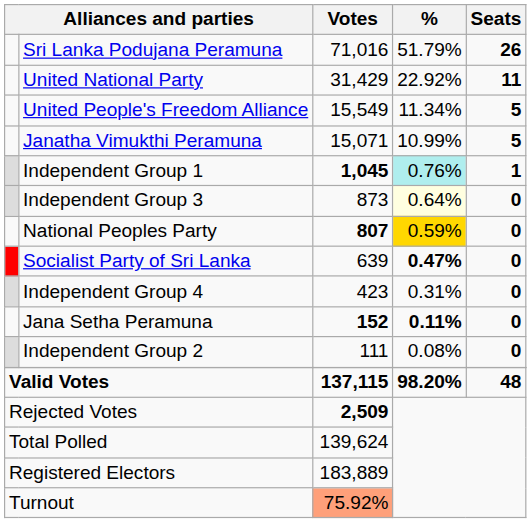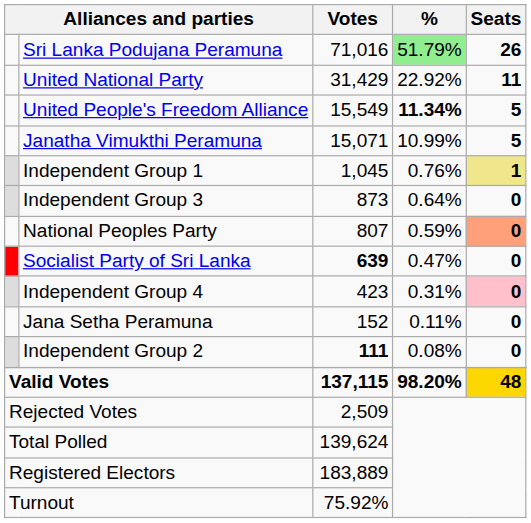 <table class="wikitable" border="1" style="text-align:right;">
 <tr>
 <th valign=bottom align=left colspan=2>Alliances and parties</th>
 <th valign=bottom align=center width="60">Votes</th>
 <th valign=bottom align=center width="50">%</th>
 <th valign=bottom align=center>Seats</th>
 </tr>
 <tr>
 <td bgcolor=> </td>
 <td align=left><a href='#'>Sri Lanka Podujana Peramuna</a></td>
 <td>71,016</td>
-<td>51.79%</td>
+<td style="background: lightgreen;">51.79%</td>
 <td><strong>26</strong></td>
 </tr>
 <tr>
 <td bgcolor=> </td>
 <td align=left><a href='#'>United National Party</a></td>
 <td>31,429</td>
 <td>22.92%</td>
 <td><strong>11</strong></td>
 </tr>
 <tr>
 <td bgcolor=> </td>
 <td align=left><a href='#'>United People's Freedom Alliance</a></td>
 <td>15,549</td>
-<td>11.34%</td>
+<td><strong>11.34%</strong></td>
 <td><strong>5</strong></td>
 </tr>
 <tr>
 <td bgcolor=> </td>
 <td align=left><a href='#'>Janatha Vimukthi Peramuna</a></td>
 <td>15,071</td>
 <td>10.99%</td>
 <td><strong>5</strong></td>
 </tr>
 <tr>
 <td bgcolor=#DDDDDD> </td>
 <td align=left>Independent Group 1</td>
-<td><strong>1,045</strong></td>
-<td style="background: paleturquoise;">0.76%</td>
-<td><strong>1</strong></td>
+<td>1,045</td>
+<td>0.76%</td>
+<td style="background: khaki;"><strong>1</strong></td>
 </tr>
 <tr>
 <td bgcolor=#DDDDDD> </td>
 <td align=left>Independent Group 3</td>
 <td>873</td>
-<td style="background: lightyellow;">0.64%</td>
+<td>0.64%</td>
 <td><strong>0</strong></td>
 </tr>
 <tr>
 <td></td>
 <td align=left>National Peoples Party</td>
-<td><strong>807</strong></td>
-<td style="background: gold;">0.59%</td>
-<td><strong>0</strong></td>
+<td>807</td>
+<td>0.59%</td>
+<td style="background: lightsalmon;"><strong>0</strong></td>
 </tr>
 <tr>
 <td bgcolor=#FF0000> </td>
 <td align=left><a href='#'>Socialist Party of Sri Lanka</a></td>
-<td>639</td>
-<td><strong>0.47%</strong></td>
+<td><strong>639</strong></td>
+<td>0.47%</td>
 <td><strong>0</strong></td>
 </tr>
 <tr>
 <td bgcolor=#DDDDDD> </td>
 <td align=left>Independent Group 4</td>
 <td>423</td>
 <td>0.31%</td>
-<td><strong>0</strong></td>
+<td style="background: pink;"><strong>0</strong></td>
 </tr>
 <tr>
 <td></td>
 <td align=left>Jana Setha Peramuna</td>
-<td><strong>152</strong></td>
-<td><strong>0.11%</strong></td>
+<td>152</td>
+<td>0.11%</td>
 <td><strong>0</strong></td>
 </tr>
 <tr>
 <td bgcolor=#DDDDDD> </td>
 <td align=left>Independent Group 2</td>
-<td>111</td>
+<td><strong>111</strong></td>
 <td>0.08%</td>
 <td><strong>0</strong></td>
 </tr>
 <tr>
 </tr>
 <tr>
 <td colspan=2 align=left><strong>Valid Votes</strong></td>
 <td><strong>137,115</strong></td>
 <td><strong>98.20%</strong></td>
-<td><strong>48</strong></td>
+<td style="background: gold;"><strong>48</strong></td>
 </tr>
 <tr>
 <td colspan=2 align=left>Rejected Votes</td>
-<td><strong>2,509</strong></td>
+<td>2,509</td>
 </tr>
 <tr>
 <td colspan=2 align=left>Total Polled</td>
 <td>139,624</td>
 </tr>
 <tr>
 <td colspan=2 align=left>Registered Electors</td>
 <td>183,889</td>
 </tr>
 <tr>
 <td colspan=2 align=left>Turnout</td>
-<td style="background: lightsalmon;">75.92%</td>
+<td>75.92%</td>
 </tr>
 </table>
